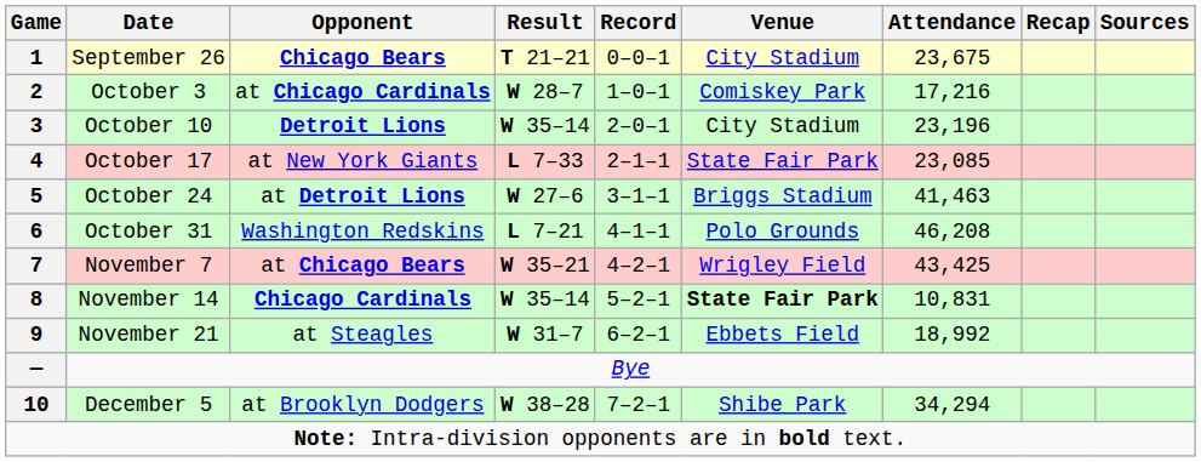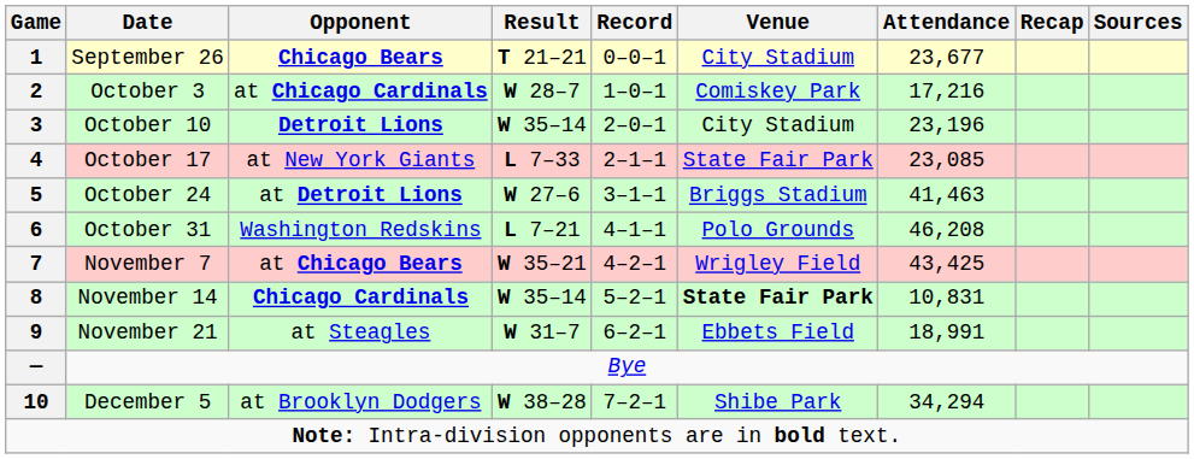 <table class="wikitable" style="text-align:center">
 <tr>
 <th>Game</th>
 <th>Date</th>
 <th>Opponent</th>
 <th>Result</th>
 <th>Record</th>
 <th>Venue</th>
 <th>Attendance</th>
 <th>Recap</th>
 <th>Sources</th>
 </tr>
 <tr style="background:#ffc">
 <th>1</th>
 <td>September 26</td>
 <td><strong><a href='#'>Chicago Bears</a></strong></td>
 <td><strong>T</strong> 21–21</td>
 <td>0–0–1</td>
 <td><a href='#'>City Stadium</a></td>
-<td>23,675</td>
+<td>23,677</td>
 <td></td>
 <td></td>
 </tr>
 <tr style="background:#cfc">
 <th>2</th>
 <td>October 3</td>
 <td>at <strong><a href='#'>Chicago Cardinals</a></strong></td>
 <td><strong>W</strong> 28–7</td>
 <td>1–0–1</td>
 <td><a href='#'>Comiskey Park</a></td>
 <td>17,216</td>
 <td></td>
 <td></td>
 </tr>
 <tr style="background:#cfc">
 <th>3</th>
 <td>October 10</td>
 <td><strong><a href='#'>Detroit Lions</a></strong></td>
 <td><strong>W</strong> 35–14</td>
 <td>2–0–1</td>
 <td>City Stadium</td>
 <td>23,196</td>
 <td></td>
 <td></td>
 </tr>
 <tr style="background:#fcc">
 <th>4</th>
 <td>October 17</td>
 <td>at <a href='#'>New York Giants</a></td>
 <td><strong>L</strong> 7–33</td>
 <td>2–1–1</td>
 <td><a href='#'>State Fair Park</a></td>
 <td>23,085</td>
 <td></td>
 <td></td>
 </tr>
 <tr style="background:#cfc">
 <th>5</th>
 <td>October 24</td>
 <td>at <strong><a href='#'>Detroit Lions</a></strong></td>
 <td><strong>W</strong> 27–6</td>
 <td>3–1–1</td>
 <td><a href='#'>Briggs Stadium</a></td>
 <td>41,463</td>
 <td></td>
 <td></td>
 </tr>
 <tr style="background:#cfc">
 <th>6</th>
 <td>October 31</td>
 <td><a href='#'>Washington Redskins</a></td>
 <td><strong>L</strong> 7–21</td>
 <td>4–1–1</td>
 <td><a href='#'>Polo Grounds</a></td>
 <td>46,208</td>
 <td></td>
 <td></td>
 </tr>
 <tr style="background:#fcc">
 <th>7</th>
 <td>November 7</td>
 <td>at <strong><a href='#'>Chicago Bears</a></strong></td>
 <td><strong>W</strong> 35–21</td>
 <td>4–2–1</td>
 <td><a href='#'>Wrigley Field</a></td>
 <td>43,425</td>
 <td></td>
 <td></td>
 </tr>
 <tr style="background:#cfc">
 <th>8</th>
 <td>November 14</td>
 <td><strong><a href='#'>Chicago Cardinals</a></strong></td>
 <td><strong>W</strong> 35–14</td>
 <td>5–2–1</td>
 <td><strong>State Fair Park</strong></td>
 <td>10,831</td>
 <td></td>
 <td></td>
 </tr>
 <tr style="background:#cfc">
 <th>9</th>
 <td>November 21</td>
 <td>at <a href='#'>Steagles</a></td>
 <td><strong>W</strong> 31–7</td>
 <td>6–2–1</td>
 <td><a href='#'>Ebbets Field</a></td>
-<td>18,992</td>
+<td>18,991</td>
 <td></td>
 <td></td>
 </tr>
 <tr>
 <th>—</th>
 <td colspan="8"><em><a href='#'>Bye</a></em></td>
 </tr>
 <tr style="background:#cfc">
 <th>10</th>
 <td>December 5</td>
 <td>at <a href='#'>Brooklyn Dodgers</a></td>
 <td><strong>W</strong> 38–28</td>
 <td>7–2–1</td>
 <td><a href='#'>Shibe Park</a></td>
 <td>34,294</td>
 <td></td>
 <td></td>
 </tr>
 <tr>
 <td colspan="10"><strong>Note:</strong> Intra-division opponents are in <strong>bold</strong> text.</td>
 </tr>
 </table>
